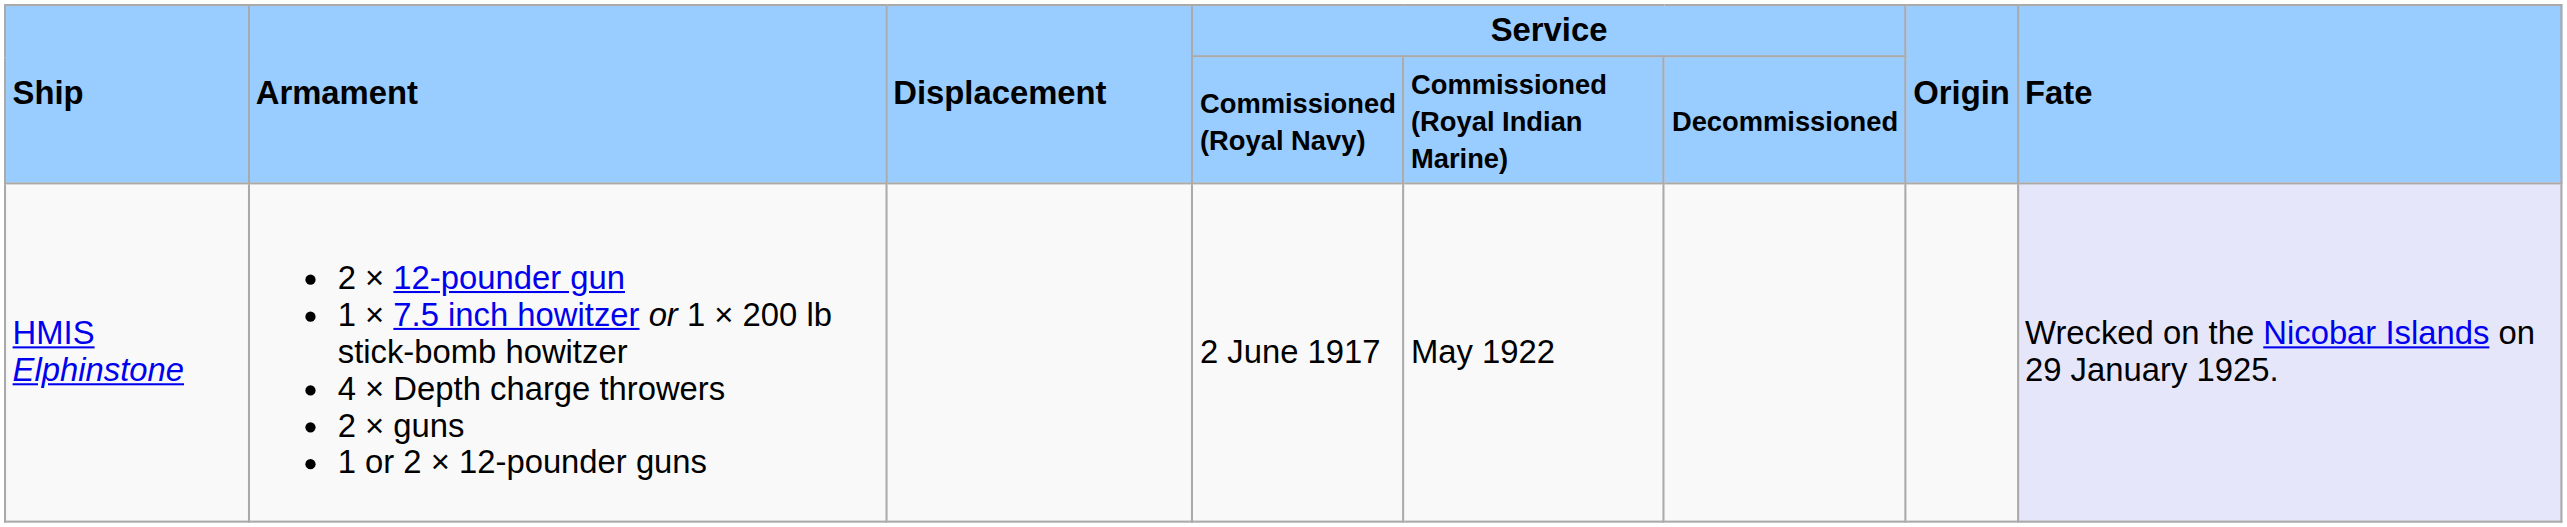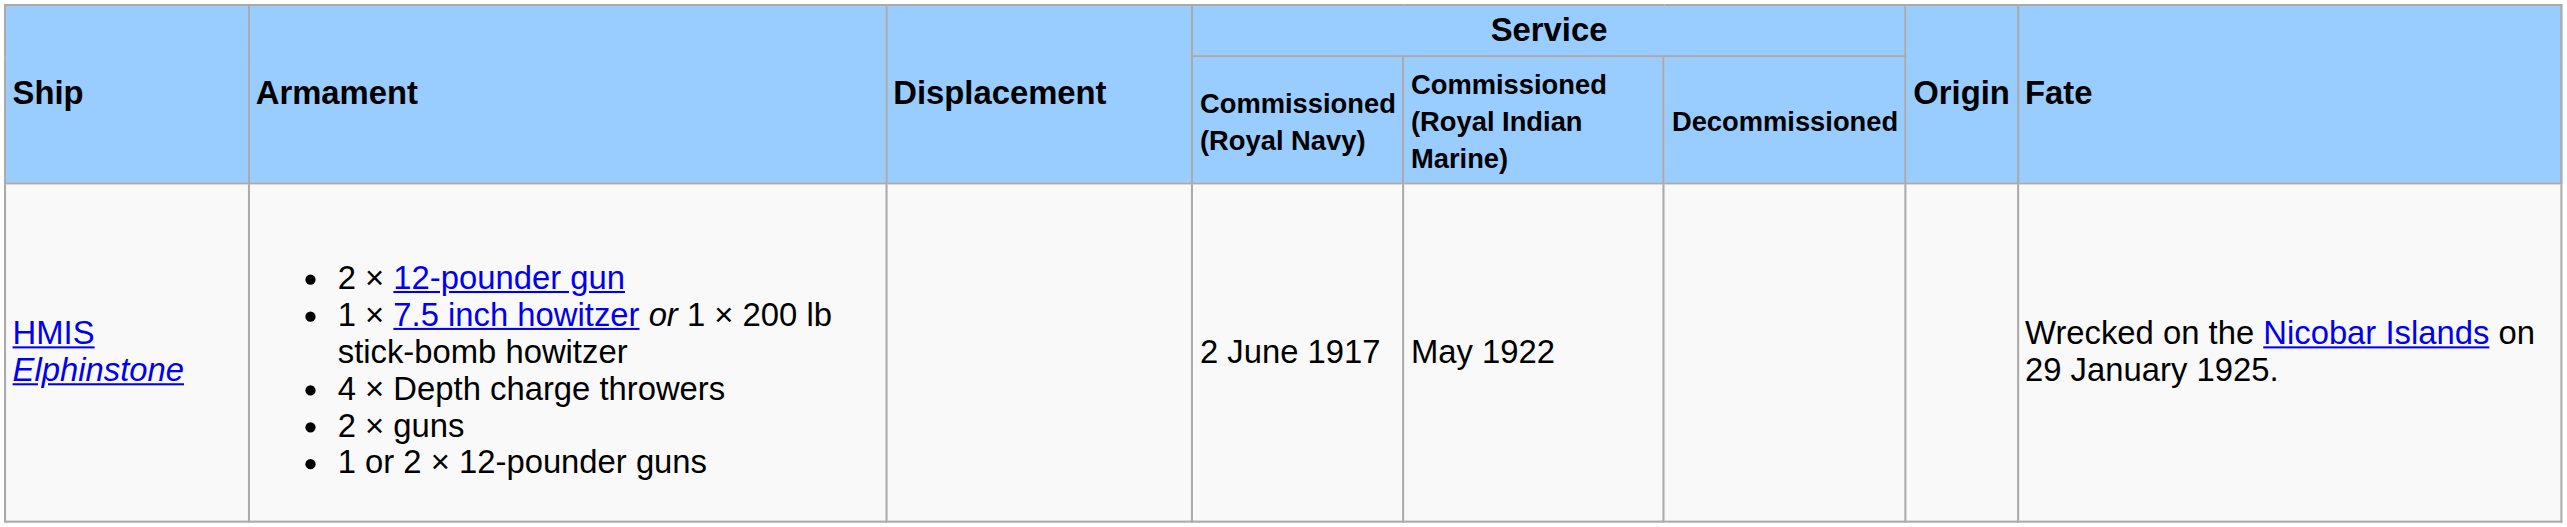 <table class="wikitable">
 <tr>
 <th align= center scope=col rowspan=2 style="text-align:left; background:#9cf;"><div>Ship</div></th>
 <th align= center scope=col rowspan=2 style="text-align:left; background:#9cf;"><div>Armament</div></th>
 <th align= center scope=col rowspan=2 style="text-align:left; width:12%; background:#9cf;"><div>Displacement</div></th>
 <th align= center scope=col colspan=3 style="text-align:center; background:#9cf;"><div>Service</div></th>
 <th align= center scope=col rowspan=2 style="text-align:left; background:#9cf;"><div>Origin</div></th>
 <th align= center scope=col rowspan=2 style="text-align:left; background:#9cf;"><div>Fate</div></th>
 </tr>
 <tr>
 <th align= center scope=col style="text-align:left; background:#9cf;"><div><small>Commissioned<br>(Royal Navy)</small></div></th>
 <th align= center scope=col style="text-align:left; background:#9cf;"><div><small>Commissioned<br>(Royal Indian Marine)</small></div></th>
 <th align= center scope=col style="text-align:left; background:#9cf;"><div><small>Decommissioned</small></div></th>
 </tr>
 <tr>
 <td><a href='#'>HMIS <em>Elphinstone</em></a></td>
 <td><br><ul><li>2 × <a href='#'>12-pounder gun</a></li><li>1 × <a href='#'>7.5 inch howitzer</a> <em>or</em>  1 × 200 lb stick-bomb howitzer</li><li>4 × Depth charge throwers</li><li>2 ×  guns</li><li>1 or 2 × 12-pounder guns</li></ul></td>
 <td></td>
 <td>2 June 1917</td>
 <td>May 1922</td>
 <td></td>
 <td></td>
-<td style="background: lavender;">Wrecked on the <a href='#'>Nicobar Islands</a> on 29 January 1925.</td>
+<td>Wrecked on the <a href='#'>Nicobar Islands</a> on 29 January 1925.</td>
 </tr>
 </table>
